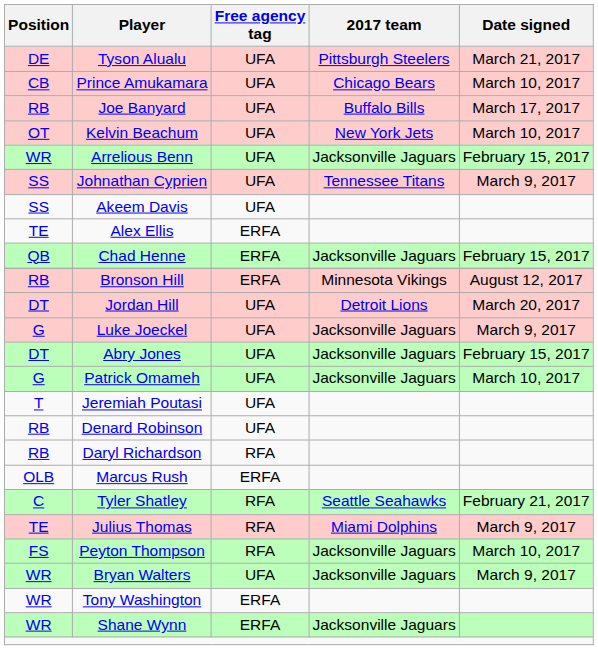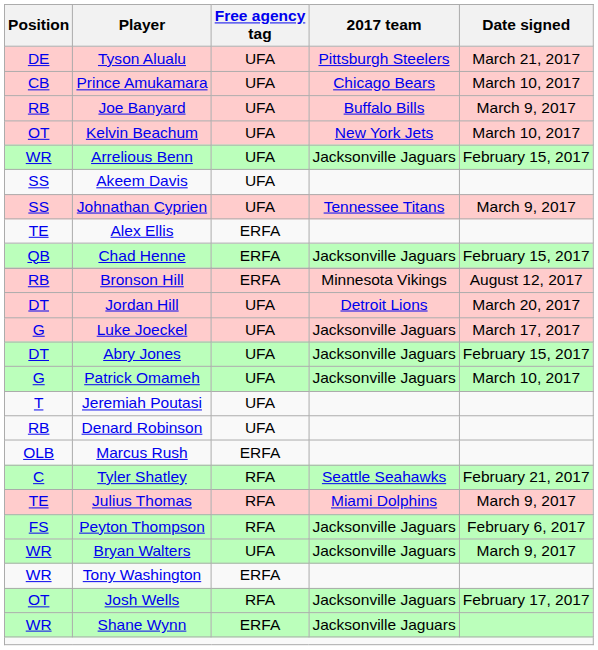 <table class="wikitable" style=text-align:center;>
 <tr>
 <th>Position</th>
 <th>Player</th>
 <th><a href='#'><span>Free agency</span></a><br>tag</th>
 <th>2017 team</th>
 <th>Date signed</th>
 </tr>
 <tr style="background:#fcc; text-align:center;">
 <td><a href='#'>DE</a></td>
 <td><a href='#'>Tyson Alualu</a></td>
 <td>UFA</td>
 <td><a href='#'>Pittsburgh Steelers</a></td>
 <td>March 21, 2017</td>
 </tr>
 <tr style="background:#fcc; text-align:center;">
 <td><a href='#'>CB</a></td>
 <td><a href='#'>Prince Amukamara</a></td>
 <td>UFA</td>
 <td><a href='#'>Chicago Bears</a></td>
 <td>March 10, 2017</td>
 </tr>
 <tr style="background:#fcc; text-align:center;">
 <td><a href='#'>RB</a></td>
 <td><a href='#'>Joe Banyard</a></td>
 <td>UFA</td>
 <td><a href='#'>Buffalo Bills</a></td>
-<td>March 17, 2017</td>
+<td>March 9, 2017</td>
 </tr>
 <tr style="background:#fcc; text-align:center">
 <td><a href='#'>OT</a></td>
 <td><a href='#'>Kelvin Beachum</a></td>
 <td>UFA</td>
 <td><a href='#'>New York Jets</a></td>
 <td>March 10, 2017</td>
 </tr>
 <tr style="background:#bfb; text-align:center">
 <td><a href='#'>WR</a></td>
 <td><a href='#'>Arrelious Benn</a></td>
 <td>UFA</td>
 <td>Jacksonville Jaguars</td>
 <td>February 15, 2017</td>
 </tr>
+<tr style="text-align:center;">
+<td><a href='#'>SS</a></td>
+<td><a href='#'>Akeem Davis</a></td>
+<td>UFA</td>
+<td></td>
+<td></td>
+</tr>
 <tr style="background:#fcc; text-align:center">
 <td><a href='#'>SS</a></td>
 <td><a href='#'>Johnathan Cyprien</a></td>
 <td>UFA</td>
 <td><a href='#'>Tennessee Titans</a></td>
 <td>March 9, 2017</td>
-</tr>
-<tr style="text-align:center;">
-<td><a href='#'>SS</a></td>
-<td><a href='#'>Akeem Davis</a></td>
-<td>UFA</td>
-<td></td>
-<td></td>
 </tr>
 <tr style="text-align:center;">
 <td><a href='#'>TE</a></td>
 <td><a href='#'>Alex Ellis</a></td>
 <td>ERFA</td>
 <td></td>
 <td></td>
 </tr>
 <tr style="background:#bfb; text-align:center">
 <td><a href='#'>QB</a></td>
 <td><a href='#'>Chad Henne</a></td>
 <td>ERFA</td>
 <td>Jacksonville Jaguars</td>
 <td>February 15, 2017</td>
 </tr>
 <tr style="text-align:center;">
 </tr>
 <tr style="background:#fcc; text-align:center;">
 <td><a href='#'>RB</a></td>
 <td><a href='#'>Bronson Hill</a></td>
 <td>ERFA</td>
 <td>Minnesota Vikings</td>
 <td>August 12, 2017</td>
 </tr>
 <tr style="background:#fcc; text-align:center;">
 <td><a href='#'>DT</a></td>
 <td><a href='#'>Jordan Hill</a></td>
 <td>UFA</td>
 <td><a href='#'>Detroit Lions</a></td>
 <td>March 20, 2017</td>
 </tr>
 <tr style="background:#fcc; text-align:center;">
 <td><a href='#'>G</a></td>
 <td><a href='#'>Luke Joeckel</a></td>
 <td>UFA</td>
 <td>Jacksonville Jaguars</td>
-<td>March 9, 2017</td>
+<td>March 17, 2017</td>
 </tr>
 <tr style="background:#bfb; text-align:center">
 <td><a href='#'>DT</a></td>
 <td><a href='#'>Abry Jones</a></td>
 <td>UFA</td>
 <td>Jacksonville Jaguars</td>
 <td>February 15, 2017</td>
 </tr>
 <tr style="background:#bfb; text-align:center">
 <td><a href='#'>G</a></td>
 <td><a href='#'>Patrick Omameh</a></td>
 <td>UFA</td>
 <td>Jacksonville Jaguars</td>
 <td>March 10, 2017</td>
 </tr>
 <tr style="text-align:center;">
 <td><a href='#'>T</a></td>
 <td><a href='#'>Jeremiah Poutasi</a></td>
 <td>UFA</td>
 <td></td>
 <td></td>
 </tr>
 <tr style="text-align:center;">
 <td><a href='#'>RB</a></td>
 <td><a href='#'>Denard Robinson</a></td>
 <td>UFA</td>
 <td></td>
 <td></td>
 </tr>
 <tr style="text-align:center;">
-<td><a href='#'>RB</a></td>
-<td><a href='#'>Daryl Richardson</a></td>
-<td>RFA</td>
-<td></td>
-<td></td>
-</tr>
-<tr style="text-align:center;">
 <td><a href='#'>OLB</a></td>
 <td><a href='#'>Marcus Rush</a></td>
 <td>ERFA</td>
 <td></td>
 <td></td>
 </tr>
 <tr style="background:#bfb; text-align:center">
 <td><a href='#'>C</a></td>
 <td><a href='#'>Tyler Shatley</a></td>
 <td>RFA</td>
 <td><a href='#'>Seattle Seahawks</a></td>
 <td>February 21, 2017</td>
 </tr>
 <tr style="background:#fcc; text-align:center">
 <td><a href='#'>TE</a></td>
 <td><a href='#'>Julius Thomas</a></td>
 <td>RFA</td>
 <td><a href='#'>Miami Dolphins</a></td>
 <td>March 9, 2017</td>
 </tr>
 <tr style="background:#bfb; text-align:center">
 <td><a href='#'>FS</a></td>
 <td><a href='#'>Peyton Thompson</a></td>
 <td>RFA</td>
 <td>Jacksonville Jaguars</td>
-<td>March 10, 2017</td>
+<td>February 6, 2017</td>
 </tr>
 <tr style="background:#bfb; text-align:center;">
 <td><a href='#'>WR</a></td>
 <td><a href='#'>Bryan Walters</a></td>
 <td>UFA</td>
 <td>Jacksonville Jaguars</td>
 <td>March 9, 2017</td>
 </tr>
 <tr style="text-align:center;">
 <td><a href='#'>WR</a></td>
 <td><a href='#'>Tony Washington</a></td>
 <td>ERFA</td>
 <td></td>
 <td></td>
 </tr>
 <tr style="background:#bfb; text-align:center">
+<td><a href='#'>OT</a></td>
+<td><a href='#'>Josh Wells</a></td>
+<td>RFA</td>
+<td>Jacksonville Jaguars</td>
+<td>February 17, 2017</td>
+</tr>
+<tr style="background:#bfb; text-align:center">
 <td><a href='#'>WR</a></td>
 <td><a href='#'>Shane Wynn</a></td>
 <td>ERFA</td>
 <td>Jacksonville Jaguars</td>
 <td></td>
 </tr>
 <tr>
 <td colspan="5"></td>
 </tr>
 </table>
